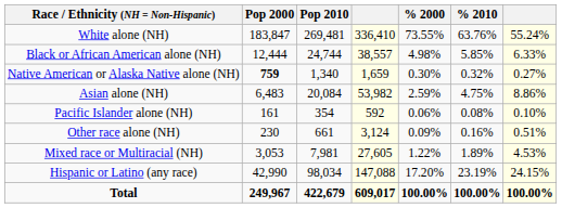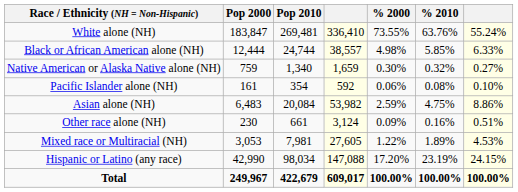 <table class="wikitable" style="text-align:center;">
 <tr>
 <th>Race / Ethnicity <small>(<em>NH = Non-Hispanic</em>)</small></th>
 <th>Pop 2000</th>
 <th>Pop 2010</th>
 <th></th>
 <th>% 2000</th>
 <th>% 2010</th>
 <th></th>
 </tr>
 <tr>
 <td><a href='#'>White</a> alone (NH)</td>
 <td>183,847</td>
 <td>269,481</td>
 <td style='background: #ffffe6;'>336,410</td>
 <td>73.55%</td>
 <td>63.76%</td>
 <td style='background: #ffffe6;'>55.24%</td>
 </tr>
 <tr>
 <td><a href='#'>Black or African American</a> alone (NH)</td>
 <td>12,444</td>
 <td>24,744</td>
 <td style='background: #ffffe6;'>38,557</td>
 <td>4.98%</td>
 <td>5.85%</td>
 <td style='background: #ffffe6;'>6.33%</td>
 </tr>
 <tr>
 <td><a href='#'>Native American</a> or <a href='#'>Alaska Native</a> alone (NH)</td>
-<td><strong>759</strong></td>
+<td>759</td>
 <td>1,340</td>
 <td style='background: #ffffe6;'>1,659</td>
 <td>0.30%</td>
 <td>0.32%</td>
 <td style='background: #ffffe6;'>0.27%</td>
+</tr>
+<tr>
+<td><a href='#'>Pacific Islander</a> alone (NH)</td>
+<td>161</td>
+<td>354</td>
+<td style='background: #ffffe6;'>592</td>
+<td>0.06%</td>
+<td>0.08%</td>
+<td style='background: #ffffe6;'>0.10%</td>
 </tr>
 <tr>
 <td><a href='#'>Asian</a> alone (NH)</td>
 <td>6,483</td>
 <td>20,084</td>
 <td style='background: #ffffe6;'>53,982</td>
 <td>2.59%</td>
 <td>4.75%</td>
 <td style='background: #ffffe6;'>8.86%</td>
-</tr>
-<tr>
-<td><a href='#'>Pacific Islander</a> alone (NH)</td>
-<td>161</td>
-<td>354</td>
-<td style='background: #ffffe6;'>592</td>
-<td>0.06%</td>
-<td>0.08%</td>
-<td style='background: #ffffe6;'>0.10%</td>
 </tr>
 <tr>
 <td><a href='#'>Other race</a> alone (NH)</td>
 <td>230</td>
 <td>661</td>
 <td style='background: #ffffe6;'>3,124</td>
 <td>0.09%</td>
 <td>0.16%</td>
 <td style='background: #ffffe6;'>0.51%</td>
 </tr>
 <tr>
 <td><a href='#'>Mixed race or Multiracial</a> (NH)</td>
 <td>3,053</td>
 <td>7,981</td>
 <td style='background: #ffffe6;'>27,605</td>
 <td>1.22%</td>
 <td>1.89%</td>
 <td style='background: #ffffe6;'>4.53%</td>
 </tr>
 <tr>
 <td><a href='#'>Hispanic or Latino</a> (any race)</td>
 <td>42,990</td>
 <td>98,034</td>
 <td style='background: #ffffe6;'>147,088</td>
 <td>17.20%</td>
 <td>23.19%</td>
 <td style='background: #ffffe6;'>24.15%</td>
 </tr>
 <tr>
 <td><strong>Total</strong></td>
 <td><strong>249,967</strong></td>
 <td><strong>422,679</strong></td>
 <td style='background: #ffffe6;'><strong>609,017</strong></td>
 <td><strong>100.00%</strong></td>
 <td><strong>100.00%</strong></td>
 <td style='background: #ffffe6;'><strong>100.00%</strong></td>
 </tr>
 </table>
